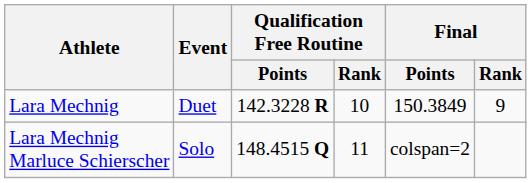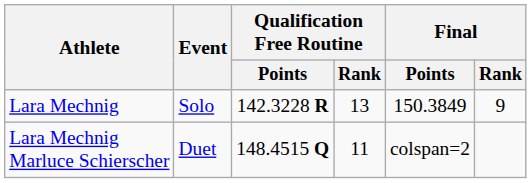 <table class="wikitable" style="font-size:90%;">
 <tr>
 <th rowspan=2>Athlete</th>
 <th rowspan=2>Event</th>
 <th colspan=2>Qualification<br>Free Routine</th>
 <th colspan=2>Final</th>
 </tr>
 <tr style="font-size:95%">
 <th>Points</th>
 <th>Rank</th>
 <th>Points</th>
 <th>Rank</th>
 </tr>
 <tr align=center>
 <td align=left><a href='#'>Lara Mechnig</a></td>
-<td align=left><a href='#'>Duet</a></td>
+<td align=left><a href='#'>Solo</a></td>
 <td>142.3228 <strong>R</strong></td>
-<td>10</td>
+<td>13</td>
 <td>150.3849</td>
 <td>9</td>
 </tr>
 <tr align=center>
 <td align=left><a href='#'>Lara Mechnig</a> <br> <a href='#'>Marluce Schierscher</a></td>
-<td align=left><a href='#'>Solo</a></td>
+<td align=left><a href='#'>Duet</a></td>
 <td>148.4515 <strong>Q</strong></td>
 <td>11</td>
 <td>colspan=2 </td>
 </tr>
 </table>
